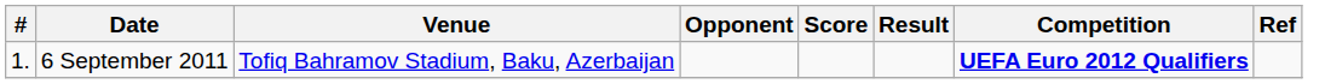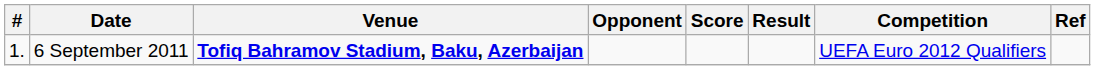 <table class="wikitable" style="font-size:95%;">
 <tr>
 <th>#</th>
 <th>Date</th>
 <th>Venue</th>
 <th>Opponent</th>
 <th>Score</th>
 <th>Result</th>
 <th>Competition</th>
 <th>Ref</th>
 </tr>
 <tr>
 <td>1.</td>
 <td>6 September 2011</td>
-<td><a href='#'>Tofiq Bahramov Stadium</a>, <a href='#'>Baku</a>, <a href='#'>Azerbaijan</a></td>
+<td><strong><a href='#'>Tofiq Bahramov Stadium</a>, <a href='#'>Baku</a>, <a href='#'>Azerbaijan</a></strong></td>
 <td></td>
 <td></td>
 <td></td>
-<td><strong><a href='#'>UEFA Euro 2012 Qualifiers</a></strong></td>
+<td><a href='#'>UEFA Euro 2012 Qualifiers</a></td>
 <td></td>
 </tr>
 <tr>
 </tr>
 </table>
